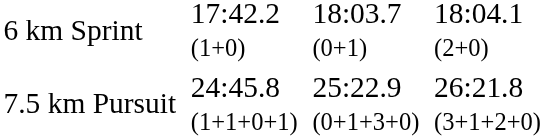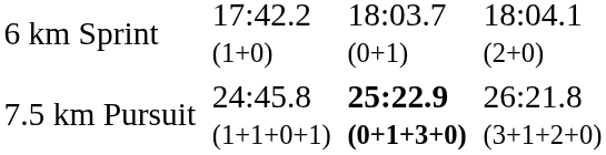 <table>
 <tr>
 <td>6 km Sprint</td>
 <td></td>
 <td>17:42.2<br><small>(1+0)</small></td>
 <td></td>
 <td>18:03.7<br><small>(0+1)</small></td>
 <td></td>
 <td>18:04.1<br><small>(2+0)</small></td>
 </tr>
 <tr>
 <td>7.5 km Pursuit</td>
 <td></td>
 <td>24:45.8<br><small>(1+1+0+1)</small></td>
 <td></td>
-<td>25:22.9<br><small>(0+1+3+0)</small></td>
+<td><strong>25:22.9<br><small>(0+1+3+0)</small></strong></td>
 <td></td>
 <td>26:21.8<br><small>(3+1+2+0)</small></td>
 </tr>
 </table>
